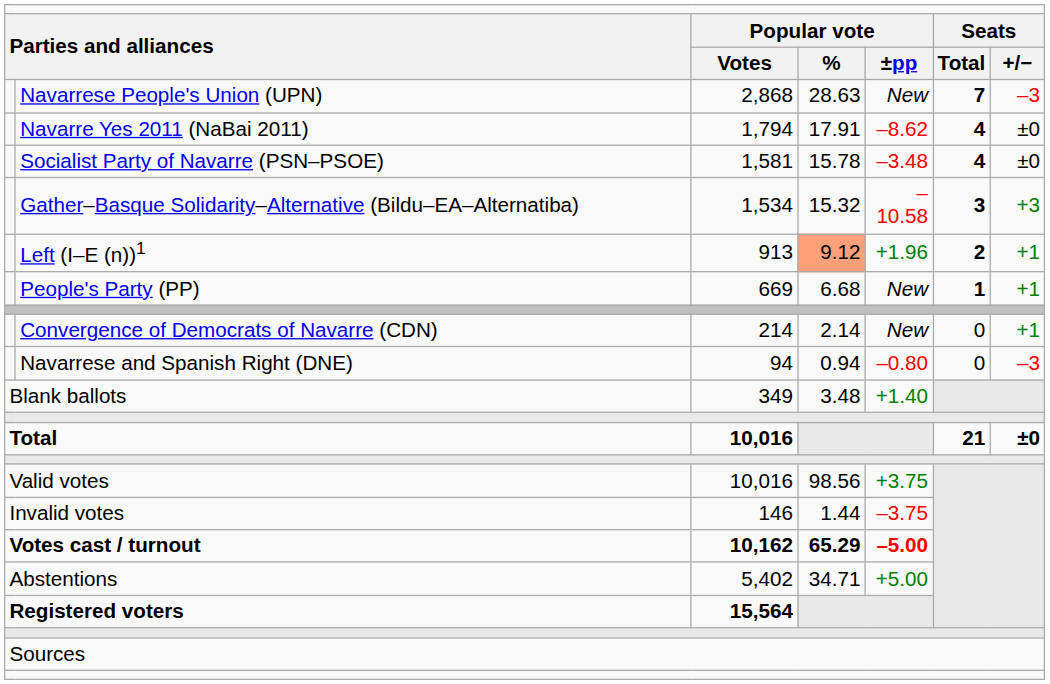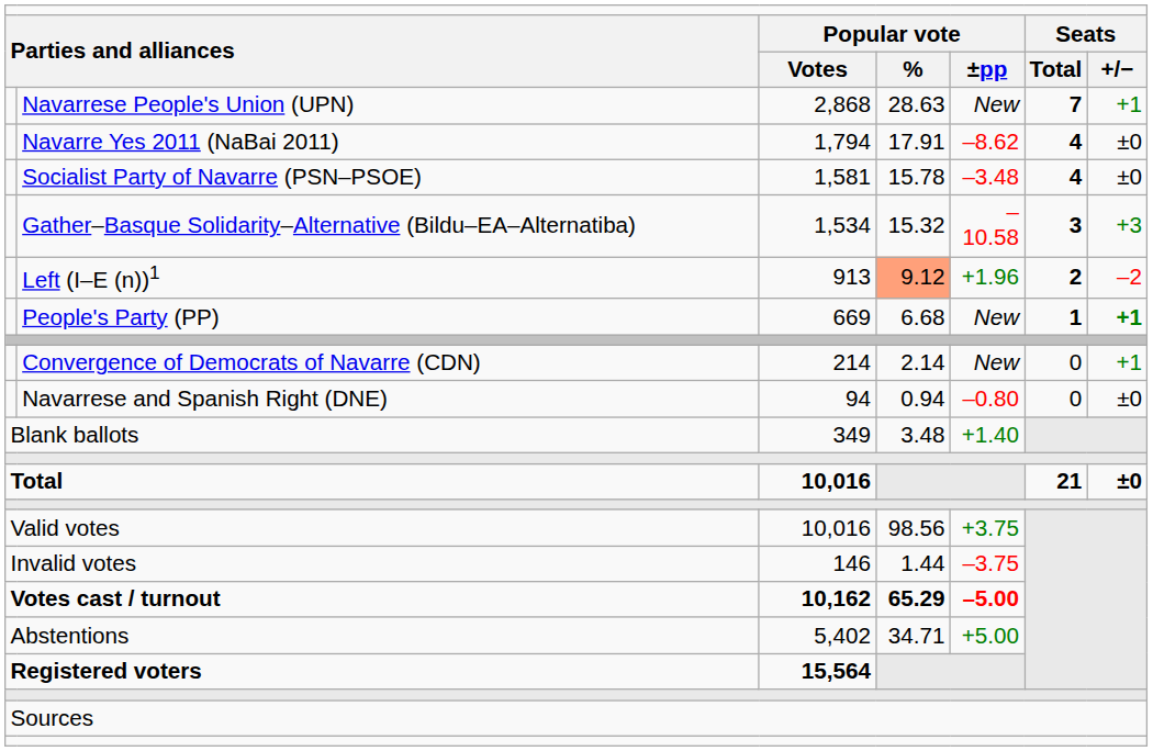 <table class="wikitable" style="text-align:right;">
 <tr>
 <td colspan="7"></td>
 </tr>
 <tr>
 <th style="text-align:left;" rowspan="2" colspan="2" width="525">Parties and alliances</th>
 <th colspan="3">Popular vote</th>
 <th colspan="2">Seats</th>
 </tr>
 <tr>
 <th width="75">Votes</th>
 <th width="45">%</th>
 <th width="45">±<a href='#'>pp</a></th>
 <th width="35">Total</th>
 <th width="35">+/−</th>
 </tr>
 <tr>
 <td width="1" style="color:inherit;background:"></td>
 <td align="left"><a href='#'>Navarrese People's Union</a> (UPN)</td>
 <td>2,868</td>
 <td>28.63</td>
 <td><em>New</em></td>
 <td><strong>7</strong></td>
-<td style="color:red;">–3</td>
+<td style="color:green;">+1</td>
 </tr>
 <tr>
 <td style="color:inherit;background:"></td>
 <td align="left"><a href='#'>Navarre Yes 2011</a> (NaBai 2011)</td>
 <td>1,794</td>
 <td>17.91</td>
 <td style="color:red;">–8.62</td>
 <td><strong>4</strong></td>
 <td>±0</td>
 </tr>
 <tr>
 <td style="color:inherit;background:"></td>
 <td align="left"><a href='#'>Socialist Party of Navarre</a> (PSN–PSOE)</td>
 <td>1,581</td>
 <td>15.78</td>
 <td style="color:red;">–3.48</td>
 <td><strong>4</strong></td>
 <td>±0</td>
 </tr>
 <tr>
 <td style="color:inherit;background:"></td>
 <td align="left"><a href='#'>Gather</a>–<a href='#'>Basque Solidarity</a>–<a href='#'>Alternative</a> (Bildu–EA–Alternatiba)</td>
 <td>1,534</td>
 <td>15.32</td>
 <td style="color:red;">–10.58</td>
 <td><strong>3</strong></td>
 <td style="color:green;">+3</td>
 </tr>
 <tr>
 <td style="color:inherit;background:"></td>
 <td align="left"><a href='#'>Left</a> (I–E (n))<sup>1</sup></td>
 <td>913</td>
 <td style="background: lightsalmon;">9.12</td>
 <td style="color:green;">+1.96</td>
 <td><strong>2</strong></td>
-<td style="color:green;">+1</td>
+<td style="color:red;">–2</td>
 </tr>
 <tr>
 <td style="color:inherit;background:"></td>
 <td align="left"><a href='#'>People's Party</a> (PP)</td>
 <td>669</td>
 <td>6.68</td>
 <td><em>New</em></td>
 <td><strong>1</strong></td>
-<td style="color:green;">+1</td>
+<td style="color:green;"><strong>+1</strong></td>
 </tr>
 <tr>
 <td colspan="7" bgcolor="#C0C0C0"></td>
 </tr>
 <tr>
 <td style="color:inherit;background:"></td>
 <td align="left"><a href='#'>Convergence of Democrats of Navarre</a> (CDN)</td>
 <td>214</td>
 <td>2.14</td>
 <td><em>New</em></td>
 <td>0</td>
 <td style="color:green;">+1</td>
 </tr>
 <tr>
 <td style="color:inherit;background:"></td>
 <td align="left">Navarrese and Spanish Right (DNE)</td>
 <td>94</td>
 <td>0.94</td>
 <td style="color:red;">–0.80</td>
 <td>0</td>
-<td style="color:red;">–3</td>
+<td>±0</td>
 </tr>
 <tr>
 <td align="left" colspan="2">Blank ballots</td>
 <td>349</td>
 <td>3.48</td>
 <td style="color:green;">+1.40</td>
 <td bgcolor="#E9E9E9" colspan="2"></td>
 </tr>
 <tr>
 <td colspan="7" bgcolor="#E9E9E9"></td>
 </tr>
 <tr style="font-weight:bold;">
 <td align="left" colspan="2">Total</td>
 <td>10,016</td>
 <td bgcolor="#E9E9E9" colspan="2"></td>
 <td>21</td>
 <td>±0</td>
 </tr>
 <tr>
 <td colspan="7" bgcolor="#E9E9E9"></td>
 </tr>
 <tr>
 <td align="left" colspan="2">Valid votes</td>
 <td>10,016</td>
 <td>98.56</td>
 <td style="color:green;">+3.75</td>
 <td bgcolor="#E9E9E9" colspan="2" rowspan="5"></td>
 </tr>
 <tr>
 <td align="left" colspan="2">Invalid votes</td>
 <td>146</td>
 <td>1.44</td>
 <td style="color:red;">–3.75</td>
 </tr>
 <tr style="font-weight:bold;">
 <td align="left" colspan="2">Votes cast / turnout</td>
 <td>10,162</td>
 <td>65.29</td>
 <td style="color:red;">–5.00</td>
 </tr>
 <tr>
 <td align="left" colspan="2">Abstentions</td>
 <td>5,402</td>
 <td>34.71</td>
 <td style="color:green;">+5.00</td>
 </tr>
 <tr style="font-weight:bold;">
 <td align="left" colspan="2">Registered voters</td>
 <td>15,564</td>
 <td bgcolor="#E9E9E9" colspan="2"></td>
 </tr>
 <tr>
 <td colspan="7" bgcolor="#E9E9E9"></td>
 </tr>
 <tr>
 <td align="left" colspan="7">Sources</td>
 </tr>
 <tr>
 <td colspan="7" style="text-align:left; max-width:790px;"></td>
 </tr>
 </table>
